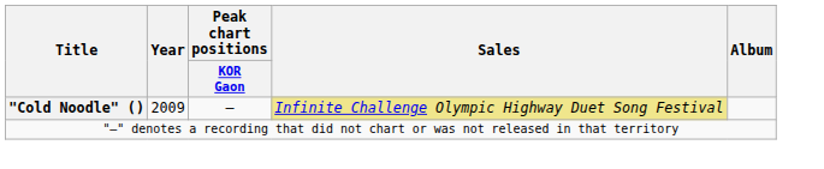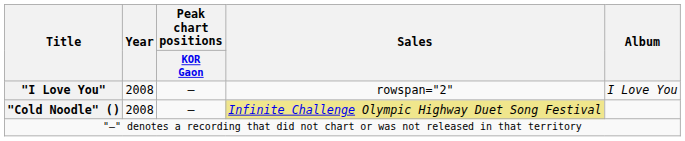 <table class="wikitable plainrowheaders" style="text-align:center">
 <tr>
 <th scope="col" rowspan="2">Title</th>
 <th scope="col" rowspan="2">Year</th>
 <th scope="col">Peak chart<br>positions</th>
 <th scope="col" rowspan="2">Sales</th>
 <th scope="col" rowspan="2">Album</th>
 </tr>
 <tr>
 <th scope="col" style="font-size:90%; width:3em"><a href='#'>KOR<br>Gaon</a></th>
 </tr>
 <tr>
+<th scope="row">"I Love You"<br></th>
+<td>2008</td>
+<td>—</td>
+<td>rowspan="2" </td>
+<td><em>I Love You</em></td>
+</tr>
+<tr>
 <th scope="row">"Cold Noodle" ()<br></th>
-<td>2009</td>
+<td>2008</td>
 <td>—</td>
 <td style="background: khaki;"><em><a href='#'>Infinite Challenge</a> Olympic Highway Duet Song Festival</em></td>
 </tr>
 <tr>
 <td colspan="5" style="font-size:85%">"—" denotes a recording that did not chart or was not released in that territory</td>
 </tr>
 </table>
